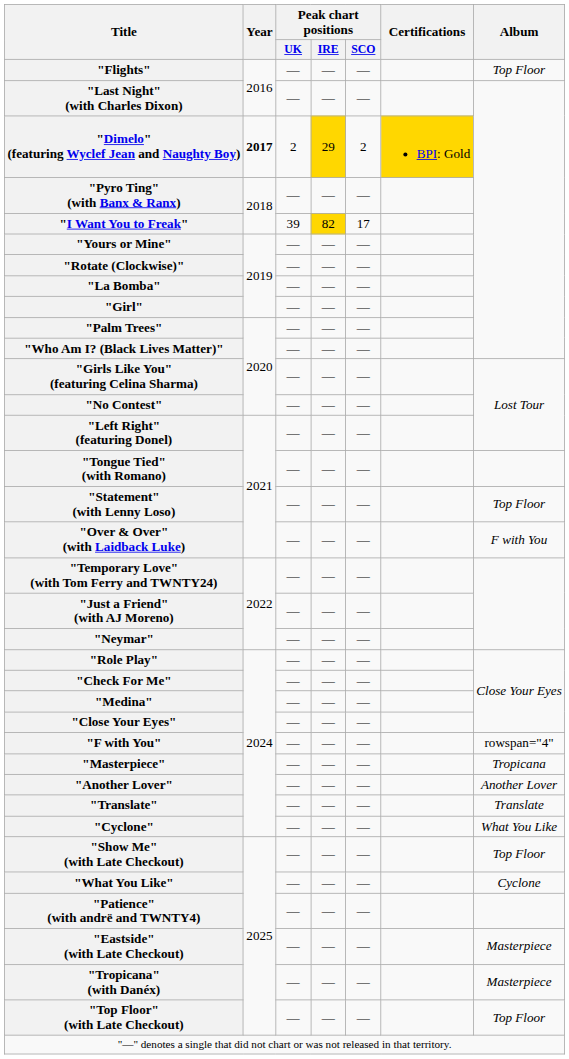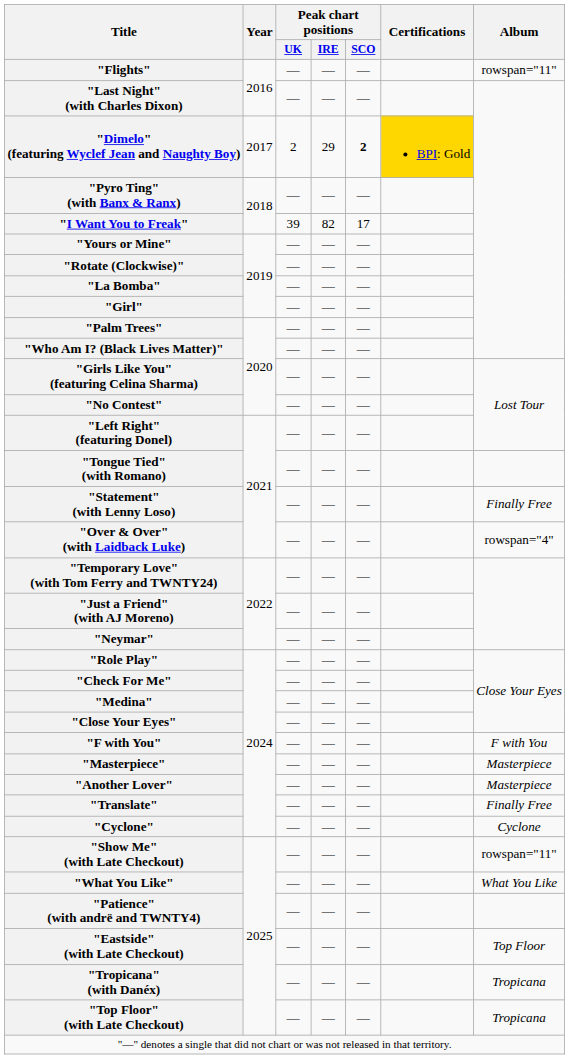 <table class="wikitable plainrowheaders" style="text-align:center;">
 <tr>
 <th scope="col" rowspan="2">Title</th>
 <th scope="col" rowspan="2">Year</th>
 <th scope="col" colspan="3">Peak chart positions</th>
 <th scope="col" rowspan="2">Certifications</th>
 <th scope="col" rowspan="2">Album</th>
 </tr>
 <tr>
 <th scope="col" style="width:2.5em;font-size:90%;"><a href='#'>UK</a><br></th>
 <th scope="col" style="width:2.5em;font-size:90%;"><a href='#'>IRE</a><br></th>
 <th scope="col" style="width:2.5em;font-size:90%;"><a href='#'>SCO</a><br></th>
 </tr>
 <tr>
 <th scope="row">"Flights"</th>
 <td rowspan="2">2016</td>
 <td>—</td>
 <td>—</td>
 <td>—</td>
 <td></td>
-<td><em>Top Floor</em></td>
+<td>rowspan="11" </td>
 </tr>
 <tr>
 <th scope="row">"Last Night"<br><span>(with Charles Dixon)</span></th>
 <td>—</td>
 <td>—</td>
 <td>—</td>
 <td></td>
 </tr>
 <tr>
 <th scope="row">"<a href='#'>Dimelo</a>"<br><span>(featuring <a href='#'>Wyclef Jean</a> and <a href='#'>Naughty Boy</a>)</span></th>
-<td><strong>2017</strong></td>
+<td>2017</td>
 <td>2</td>
-<td style="background: gold;">29</td>
-<td>2</td>
+<td>29</td>
+<td><strong>2</strong></td>
 <td style="background: gold;"><br><ul><li><a href='#'>BPI</a>: Gold</li></ul></td>
 </tr>
 <tr>
 <th scope="row">"Pyro Ting"<br><span>(with <a href='#'>Banx & Ranx</a>)</span></th>
 <td rowspan="2">2018</td>
 <td>—</td>
 <td>—</td>
 <td>—</td>
 <td></td>
 </tr>
 <tr>
 <th scope="row">"<a href='#'>I Want You to Freak</a>"</th>
 <td>39</td>
-<td style="background: gold;">82<br></td>
+<td>82<br></td>
 <td>17</td>
 <td></td>
 </tr>
 <tr>
 <th scope="row">"Yours or Mine"</th>
 <td rowspan="4">2019</td>
 <td>—</td>
 <td>—</td>
 <td>—</td>
 <td></td>
 </tr>
 <tr>
 <th scope="row">"Rotate (Clockwise)"</th>
 <td>—</td>
 <td>—</td>
 <td>—</td>
 <td></td>
 </tr>
 <tr>
 <th scope="row">"La Bomba"</th>
 <td>—</td>
 <td>—</td>
 <td>—</td>
 <td></td>
 </tr>
 <tr>
 <th scope="row">"Girl"</th>
 <td>—</td>
 <td>—</td>
 <td>—</td>
 <td></td>
 </tr>
 <tr>
 <th scope="row">"Palm Trees"</th>
 <td rowspan="4">2020</td>
 <td>—</td>
 <td>—</td>
 <td>—</td>
 <td></td>
 </tr>
 <tr>
 <th scope="row">"Who Am I? (Black Lives Matter)"</th>
 <td>—</td>
 <td>—</td>
 <td>—</td>
 <td></td>
 </tr>
 <tr>
 <th scope="row">"Girls Like You"<br><span>(featuring Celina Sharma)</span></th>
 <td>—</td>
 <td>—</td>
 <td>—</td>
 <td></td>
 <td rowspan="3"><em>Lost Tour</em></td>
 </tr>
 <tr>
 <th scope="row">"No Contest"</th>
 <td>—</td>
 <td>—</td>
 <td>—</td>
 <td></td>
 </tr>
 <tr>
 <th scope="row">"Left Right"<br><span>(featuring Donel)</span></th>
 <td rowspan="4">2021</td>
 <td>—</td>
 <td>—</td>
 <td>—</td>
 <td></td>
 </tr>
 <tr>
 <th scope="row">"Tongue Tied"<br><span>(with Romano)</span></th>
 <td>—</td>
 <td>—</td>
 <td>—</td>
 <td></td>
 <td></td>
 </tr>
 <tr>
 <th scope="row">"Statement"<br><span>(with Lenny Loso)</span></th>
 <td>—</td>
 <td>—</td>
 <td>—</td>
 <td></td>
-<td><em>Top Floor</em></td>
+<td><em>Finally Free</em></td>
 </tr>
 <tr>
 <th scope="row">"Over & Over" <br><span>(with <a href='#'>Laidback Luke</a>)</span></th>
 <td>—</td>
 <td>—</td>
 <td>—</td>
 <td></td>
-<td><em>F with You</em></td>
+<td>rowspan="4" </td>
 </tr>
 <tr>
 <th scope="row">"Temporary Love"<br><span>(with Tom Ferry and TWNTY24)</span></th>
 <td rowspan="3">2022</td>
 <td>—</td>
 <td>—</td>
 <td>—</td>
 <td></td>
 </tr>
 <tr>
 <th scope="row">"Just a Friend"<br><span>(with AJ Moreno)</span></th>
 <td>—</td>
 <td>—</td>
 <td>—</td>
 <td></td>
 </tr>
 <tr>
 <th scope="row">"Neymar"</th>
 <td>—</td>
 <td>—</td>
 <td>—</td>
 <td></td>
 </tr>
 <tr>
 <th scope="row">"Role Play"</th>
 <td rowspan="9">2024</td>
 <td>—</td>
 <td>—</td>
 <td>—</td>
 <td></td>
 <td rowspan="4"><em>Close Your Eyes</em></td>
 </tr>
 <tr>
 <th scope="row">"Check For Me"</th>
 <td>—</td>
 <td>—</td>
 <td>—</td>
 <td></td>
 </tr>
 <tr>
 <th scope="row">"Medina"</th>
 <td>—</td>
 <td>—</td>
 <td>—</td>
 <td></td>
 </tr>
 <tr>
 <th scope="row">"Close Your Eyes"</th>
 <td>—</td>
 <td>—</td>
 <td>—</td>
 <td></td>
 </tr>
 <tr>
 <th scope="row">"F with You"</th>
 <td>—</td>
 <td>—</td>
 <td>—</td>
 <td></td>
-<td>rowspan="4" </td>
+<td><em>F with You</em></td>
 </tr>
 <tr>
 <th scope="row">"Masterpiece"</th>
 <td>—</td>
 <td>—</td>
 <td>—</td>
 <td></td>
-<td><em>Tropicana</em></td>
+<td><em>Masterpiece</em></td>
 </tr>
 <tr>
 <th scope="row">"Another Lover"</th>
 <td>—</td>
 <td>—</td>
 <td>—</td>
 <td></td>
-<td><em>Another Lover</em></td>
+<td><em>Masterpiece</em></td>
 </tr>
 <tr>
 <th scope="row">"Translate"</th>
 <td>—</td>
 <td>—</td>
 <td>—</td>
 <td></td>
-<td><em>Translate</em></td>
+<td><em>Finally Free</em></td>
 </tr>
 <tr>
 <th scope="row">"Cyclone"</th>
 <td>—</td>
 <td>—</td>
 <td>—</td>
 <td></td>
-<td><em>What You Like</em></td>
+<td><em>Cyclone</em></td>
 </tr>
 <tr>
 <th scope="row">"Show Me"<br><span>(with Late Checkout)</span></th>
 <td rowspan="6">2025</td>
 <td>—</td>
 <td>—</td>
 <td>—</td>
 <td></td>
-<td><em>Top Floor</em></td>
+<td>rowspan="11" </td>
 </tr>
 <tr>
 <th scope="row">"What You Like"</th>
 <td>—</td>
 <td>—</td>
 <td>—</td>
 <td></td>
-<td><em>Cyclone</em></td>
+<td><em>What You Like</em></td>
 </tr>
 <tr>
 <th scope="row">"Patience"<br><span>(with andrë and TWNTY4)</span></th>
 <td>—</td>
 <td>—</td>
 <td>—</td>
 <td></td>
 <td></td>
 </tr>
 <tr>
 <th scope="row">"Eastside"<br><span>(with Late Checkout)</span></th>
 <td>—</td>
 <td>—</td>
 <td>—</td>
 <td></td>
-<td><em>Masterpiece</em></td>
+<td><em>Top Floor</em></td>
 </tr>
 <tr>
 <th scope="row">"Tropicana"<br><span>(with Danéx)</span></th>
 <td>—</td>
 <td>—</td>
 <td>—</td>
 <td></td>
-<td><em>Masterpiece</em></td>
+<td><em>Tropicana</em></td>
 </tr>
 <tr>
 <th scope="row">"Top Floor"<br><span>(with Late Checkout)</span></th>
 <td>—</td>
 <td>—</td>
 <td>—</td>
 <td></td>
-<td><em>Top Floor</em></td>
+<td><em>Tropicana</em></td>
 </tr>
 <tr>
 <td colspan="22" style="text-align:center; font-size:85%;">"—" denotes a single that did not chart or was not released in that territory.</td>
 </tr>
 </table>
